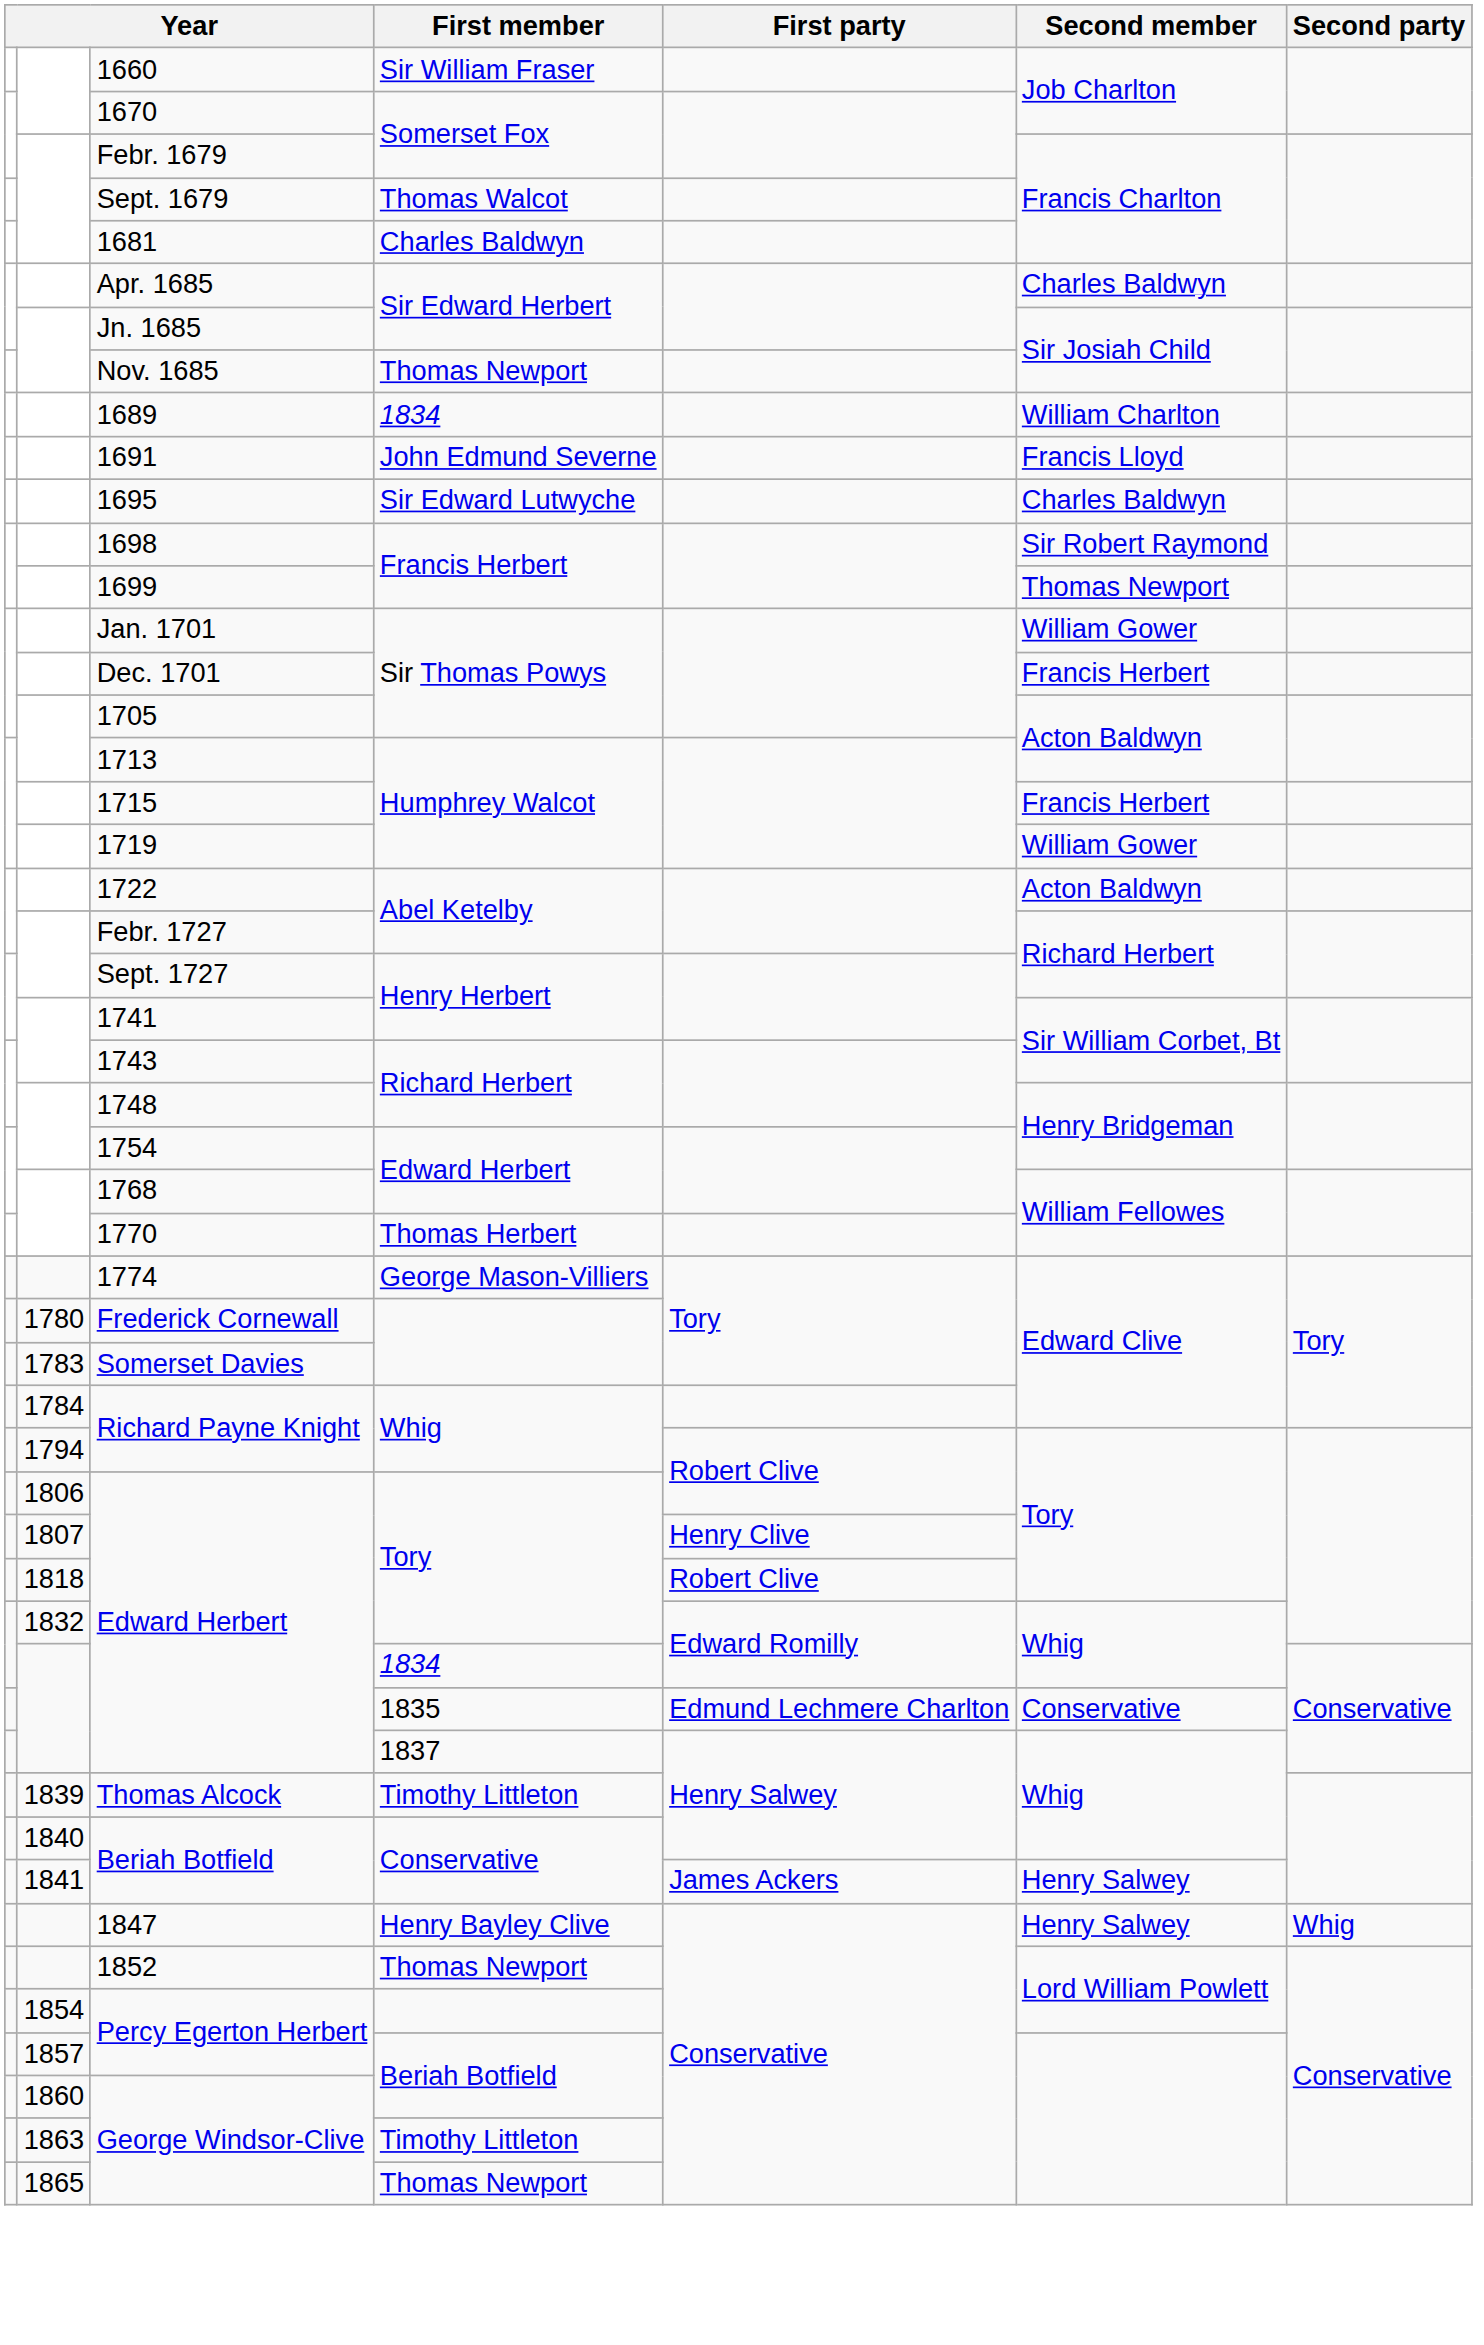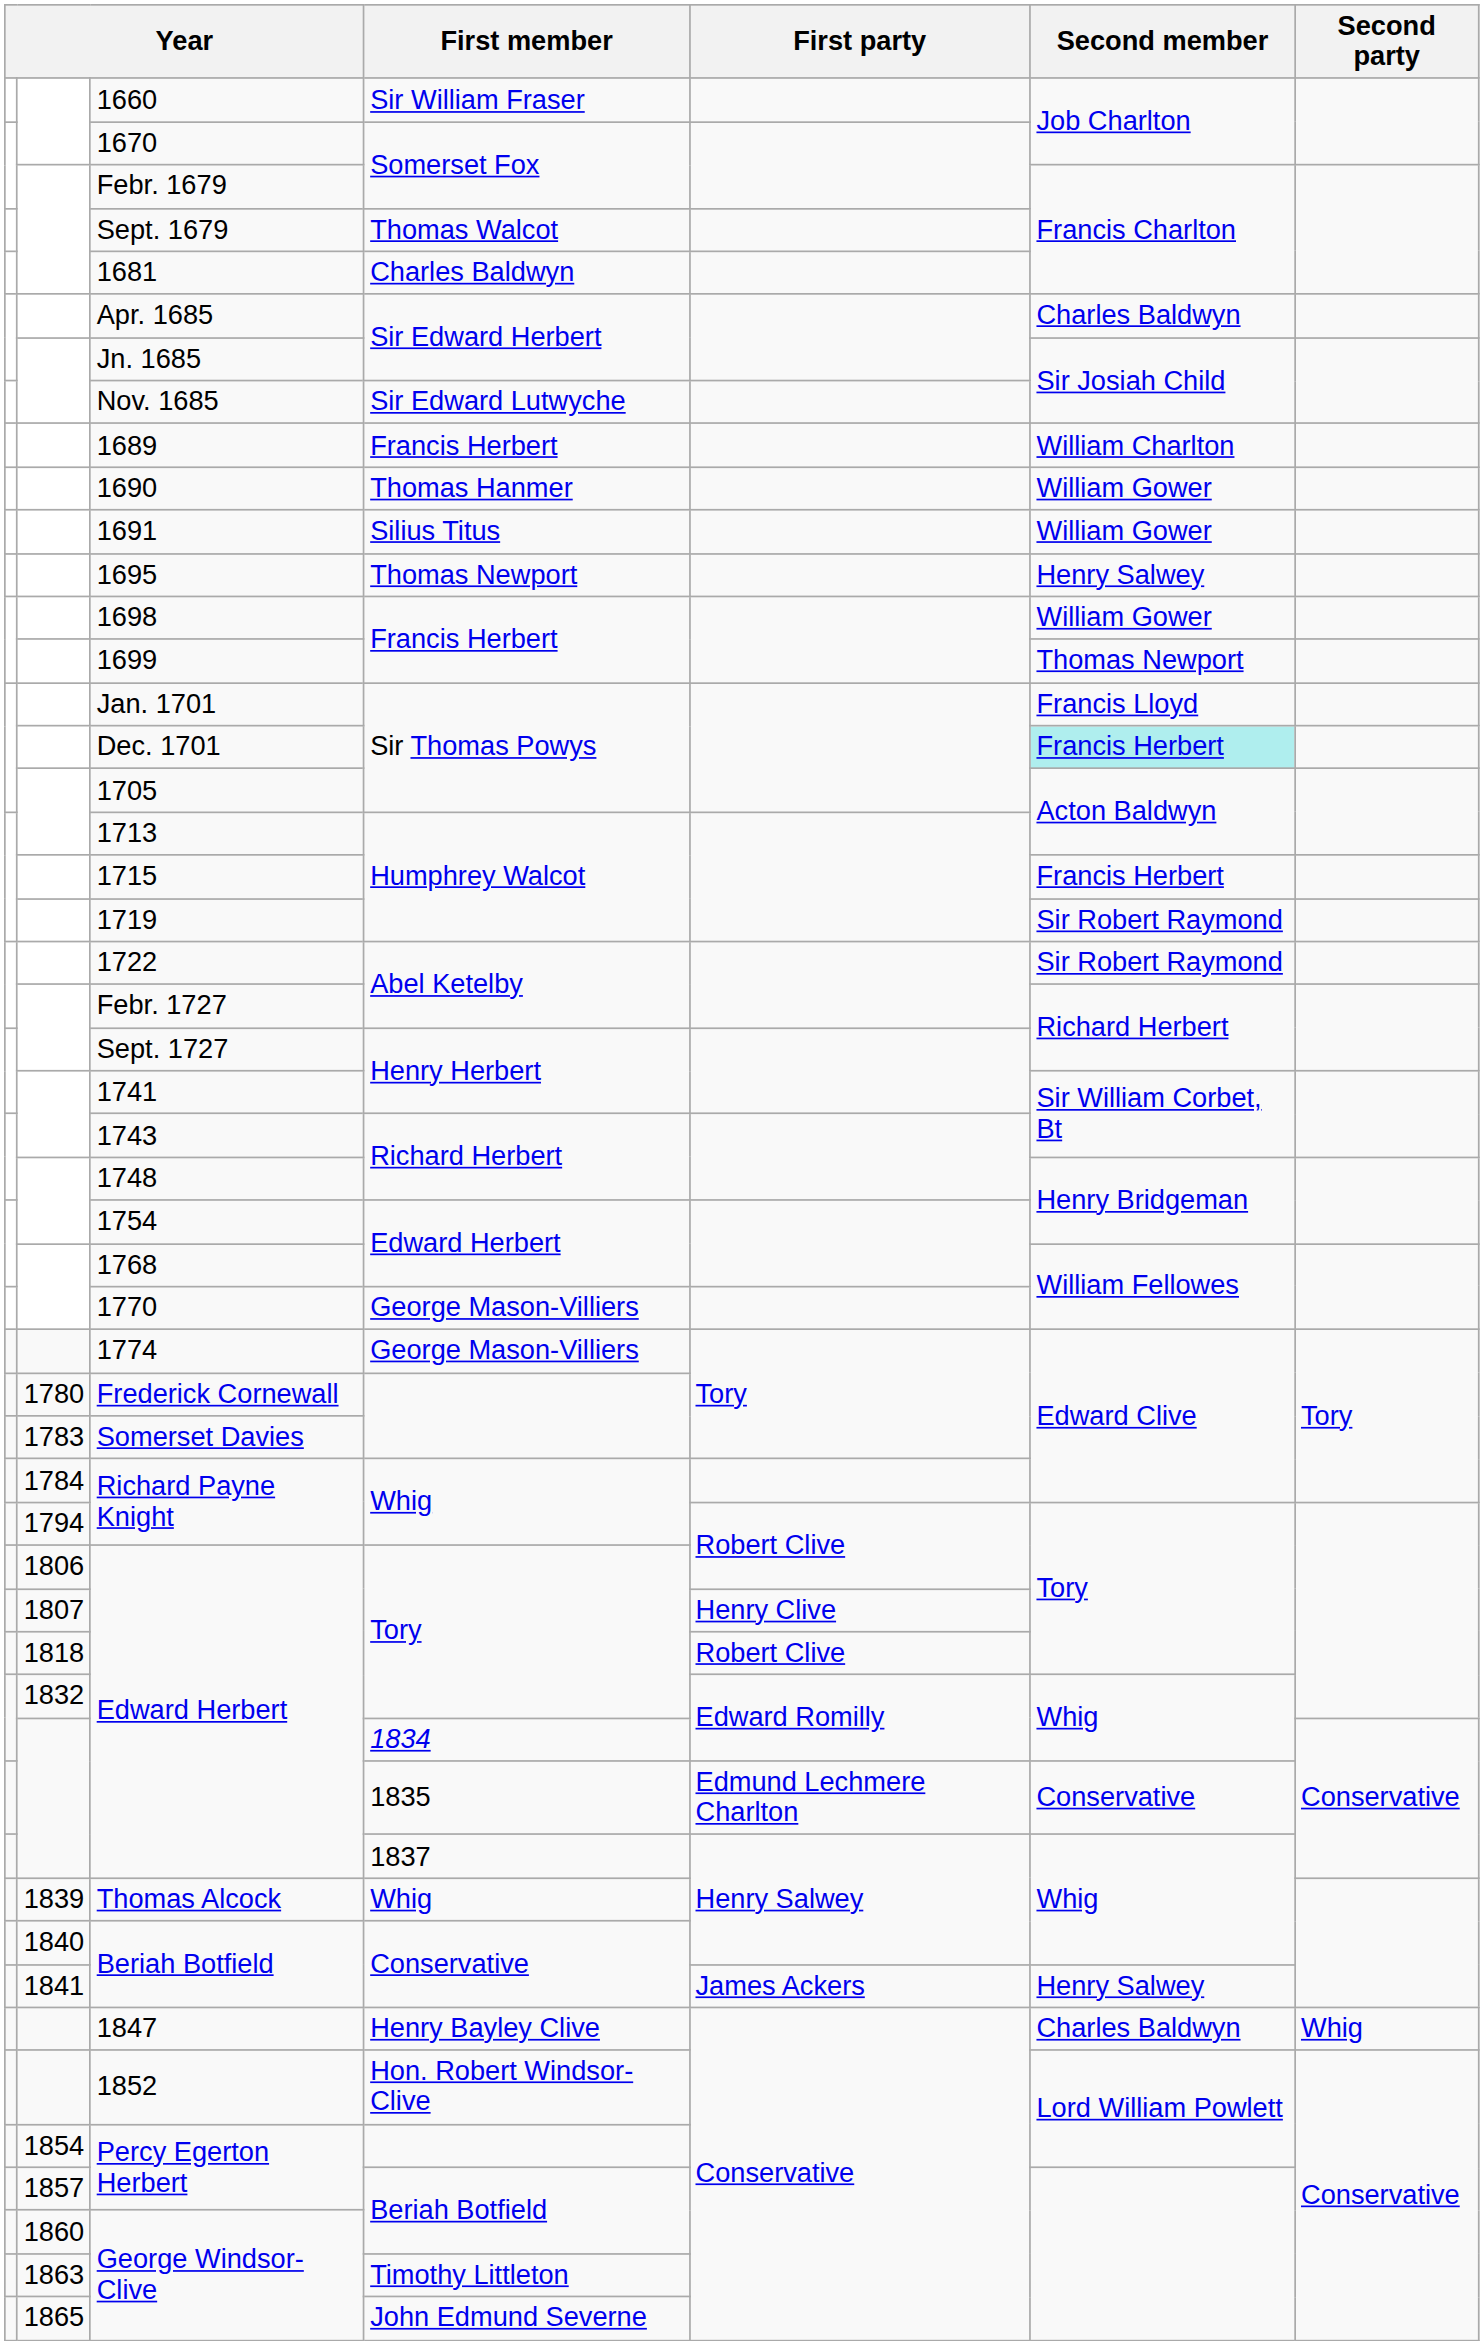 <table class="wikitable">
 <tr>
 <th colspan="3">Year</th>
 <th>First member</th>
 <th>First party</th>
 <th>Second member</th>
 <th>Second party</th>
 </tr>
 <tr>
 <td style="color:inherit;background-color: white"></td>
 <td style="color:inherit;background-color: white" rowspan="2"></td>
 <td>1660</td>
 <td><a href='#'>Sir William Fraser</a></td>
 <td></td>
 <td rowspan="2"><a href='#'>Job Charlton</a></td>
 <td rowspan="2"></td>
 </tr>
 <tr>
 <td style="color:inherit;background-color: white" rowspan="2"></td>
 <td>1670</td>
 <td rowspan="2"><a href='#'>Somerset Fox</a></td>
 <td rowspan="2"></td>
 </tr>
 <tr>
 <td style="color:inherit;background-color: white" rowspan="3"></td>
 <td>Febr. 1679</td>
 <td rowspan="3"><a href='#'>Francis Charlton</a></td>
 <td rowspan="3"></td>
 </tr>
 <tr>
 <td style="color:inherit;background-color: white"></td>
 <td>Sept. 1679</td>
 <td><a href='#'>Thomas Walcot</a></td>
 <td></td>
 </tr>
 <tr>
 <td style="color:inherit;background-color: white"></td>
 <td>1681</td>
 <td><a href='#'>Charles Baldwyn</a></td>
 <td></td>
 </tr>
 <tr>
 <td style="color:inherit;background-color: white" rowspan="2"></td>
 <td style="color:inherit;background-color: white"></td>
 <td>Apr. 1685</td>
 <td rowspan="2"><a href='#'>Sir Edward Herbert</a></td>
 <td rowspan="2"></td>
 <td><a href='#'>Charles Baldwyn</a></td>
 <td></td>
 </tr>
 <tr>
 <td style="color:inherit;background-color: white" rowspan="2"></td>
 <td>Jn. 1685</td>
 <td rowspan="2"><a href='#'>Sir Josiah Child</a></td>
 <td rowspan="2"></td>
 </tr>
 <tr>
 <td style="color:inherit;background-color: white"></td>
 <td>Nov. 1685</td>
-<td><a href='#'>Thomas Newport</a></td>
+<td><a href='#'>Sir Edward Lutwyche</a></td>
 <td></td>
 </tr>
 <tr>
 <td style="color:inherit;background-color: white"></td>
 <td style="color:inherit;background-color: white"></td>
 <td>1689</td>
-<td><em><a href='#'>1834</a></em></td>
+<td><a href='#'>Francis Herbert</a></td>
 <td></td>
 <td><a href='#'>William Charlton</a></td>
 <td></td>
 </tr>
 <tr>
 <td style="color:inherit;background-color: white"></td>
 <td style="color:inherit;background-color: white"></td>
+<td>1690</td>
+<td><a href='#'>Thomas Hanmer</a></td>
+<td></td>
+<td><a href='#'>William Gower</a></td>
+<td></td>
+</tr>
+<tr>
+<td style="color:inherit;background-color: white"></td>
+<td style="color:inherit;background-color: white"></td>
 <td>1691</td>
-<td><a href='#'>John Edmund Severne</a></td>
+<td><a href='#'>Silius Titus</a></td>
 <td></td>
-<td><a href='#'>Francis Lloyd</a></td>
+<td><a href='#'>William Gower</a></td>
 <td></td>
 </tr>
 <tr>
 <td style="color:inherit;background-color: white"></td>
 <td style="color:inherit;background-color: white"></td>
 <td>1695</td>
-<td><a href='#'>Sir Edward Lutwyche</a></td>
+<td><a href='#'>Thomas Newport</a></td>
 <td></td>
-<td><a href='#'>Charles Baldwyn</a></td>
+<td><a href='#'>Henry Salwey</a></td>
 <td></td>
 </tr>
 <tr>
 <td style="color:inherit;background-color: white" rowspan="2"></td>
 <td style="color:inherit;background-color: white"></td>
 <td>1698</td>
 <td rowspan="2"><a href='#'>Francis Herbert</a></td>
 <td rowspan="2"></td>
-<td><a href='#'>Sir Robert Raymond</a></td>
+<td><a href='#'>William Gower</a></td>
 <td></td>
 </tr>
 <tr>
 <td style="color:inherit;background-color: white"></td>
 <td>1699</td>
 <td><a href='#'>Thomas Newport</a></td>
 <td></td>
 </tr>
 <tr>
 <td style="color:inherit;background-color: white" rowspan="3"></td>
 <td style="color:inherit;background-color: white"></td>
 <td>Jan. 1701</td>
 <td rowspan="3">Sir <a href='#'>Thomas Powys</a></td>
 <td rowspan="3"></td>
-<td><a href='#'>William Gower</a></td>
+<td><a href='#'>Francis Lloyd</a></td>
 <td></td>
 </tr>
 <tr>
 <td style="color:inherit;background-color: white"></td>
 <td>Dec. 1701</td>
-<td><a href='#'>Francis Herbert</a></td>
+<td style="background: paleturquoise;"><a href='#'>Francis Herbert</a></td>
 <td></td>
 </tr>
 <tr>
 <td style="color:inherit;background-color: white" rowspan="2"></td>
 <td>1705</td>
 <td rowspan="2"><a href='#'>Acton Baldwyn</a></td>
 <td rowspan="2"></td>
 </tr>
 <tr>
 <td style="color:inherit;background-color: white" rowspan="3"></td>
 <td>1713</td>
 <td rowspan="3"><a href='#'>Humphrey Walcot</a></td>
 <td rowspan="3"></td>
 </tr>
 <tr>
 <td style="color:inherit;background-color: white"></td>
 <td>1715</td>
 <td><a href='#'>Francis Herbert</a></td>
 <td></td>
 </tr>
 <tr>
 <td style="color:inherit;background-color: white"></td>
 <td>1719</td>
-<td><a href='#'>William Gower</a></td>
+<td><a href='#'>Sir Robert Raymond</a></td>
 <td></td>
 </tr>
 <tr>
 <td style="color:inherit;background-color: white" rowspan="2"></td>
 <td style="color:inherit;background-color: white"></td>
 <td>1722</td>
 <td rowspan="2"><a href='#'>Abel Ketelby</a></td>
 <td rowspan="2"></td>
-<td><a href='#'>Acton Baldwyn</a></td>
+<td><a href='#'>Sir Robert Raymond</a></td>
 <td></td>
 </tr>
 <tr>
 <td style="color:inherit;background-color: white" rowspan="2"></td>
 <td>Febr. 1727</td>
 <td rowspan="2"><a href='#'>Richard Herbert</a></td>
 <td rowspan="2"></td>
 </tr>
 <tr>
 <td style="color:inherit;background-color: white" rowspan="2"></td>
 <td>Sept. 1727</td>
 <td rowspan="2"><a href='#'>Henry Herbert</a></td>
 <td rowspan="2"></td>
 </tr>
 <tr>
 <td style="color:inherit;background-color: white" rowspan="2"></td>
 <td>1741</td>
 <td rowspan="2"><a href='#'>Sir William Corbet, Bt</a></td>
 <td rowspan="2"></td>
 </tr>
 <tr>
 <td style="color:inherit;background-color: white" rowspan="2"></td>
 <td>1743</td>
 <td rowspan="2"><a href='#'>Richard Herbert</a></td>
 <td rowspan="2"></td>
 </tr>
 <tr>
 <td style="color:inherit;background-color: white" rowspan="2"></td>
 <td>1748</td>
 <td rowspan="2"><a href='#'>Henry Bridgeman</a></td>
 <td rowspan="2"></td>
 </tr>
 <tr>
 <td style="color:inherit;background-color: white" rowspan="2"></td>
 <td>1754</td>
 <td rowspan="2"><a href='#'>Edward Herbert</a></td>
 <td rowspan="2"></td>
 </tr>
 <tr>
 <td style="color:inherit;background-color: white" rowspan="2"></td>
 <td>1768</td>
 <td rowspan="2"><a href='#'>William Fellowes</a></td>
 <td rowspan="2"></td>
 </tr>
 <tr>
 <td style="color:inherit;background-color: white"></td>
 <td>1770</td>
-<td><a href='#'>Thomas Herbert</a></td>
+<td><a href='#'>George Mason-Villiers</a></td>
 <td></td>
 </tr>
 <tr>
 <td style="color:inherit;background-color: "></td>
 <td style="color:inherit;background-color: "></td>
 <td>1774</td>
 <td><a href='#'>George Mason-Villiers</a></td>
 <td rowspan="3"><a href='#'>Tory</a></td>
 <td rowspan="4"><a href='#'>Edward Clive</a></td>
 <td rowspan="4"><a href='#'>Tory</a></td>
 </tr>
 <tr>
 <td style="color:inherit;background-color: "></td>
 <td>1780</td>
 <td><a href='#'>Frederick Cornewall</a></td>
 </tr>
 <tr>
 <td style="color:inherit;background-color: "></td>
 <td>1783</td>
 <td><a href='#'>Somerset Davies</a></td>
 </tr>
 <tr>
 <td style="color:inherit;background-color: "></td>
 <td>1784</td>
 <td rowspan="2"><a href='#'>Richard Payne Knight</a></td>
 <td rowspan="2"><a href='#'>Whig</a></td>
 </tr>
 <tr>
 <td style="color:inherit;background-color: "></td>
 <td>1794</td>
 <td rowspan="2"><a href='#'>Robert Clive</a></td>
 <td rowspan="4"><a href='#'>Tory</a></td>
 </tr>
 <tr>
 <td style="color:inherit;background-color: "></td>
 <td>1806</td>
 <td rowspan="7"><a href='#'>Edward Herbert</a></td>
 <td rowspan="4"><a href='#'>Tory</a></td>
 </tr>
 <tr>
 <td style="color:inherit;background-color: "></td>
 <td>1807</td>
 <td><a href='#'>Henry Clive</a></td>
 </tr>
 <tr>
 <td style="color:inherit;background-color: "></td>
 <td>1818</td>
 <td><a href='#'>Robert Clive</a></td>
 </tr>
 <tr>
 <td rowspan="2" style="color:inherit;background-color: "></td>
 <td>1832</td>
 <td rowspan="2"><a href='#'>Edward Romilly</a></td>
 <td rowspan="2"><a href='#'>Whig</a></td>
 </tr>
 <tr>
 <td rowspan="3" style="color:inherit;background-color: "></td>
 <td><em><a href='#'>1834</a></em></td>
 <td rowspan="3"><a href='#'>Conservative</a></td>
 </tr>
 <tr>
 <td style="color:inherit;background-color: "></td>
 <td>1835</td>
 <td><a href='#'>Edmund Lechmere Charlton</a></td>
 <td><a href='#'>Conservative</a></td>
 </tr>
 <tr>
 <td style="color:inherit;background-color: "></td>
 <td>1837</td>
 <td rowspan="3"><a href='#'>Henry Salwey</a></td>
 <td rowspan="3"><a href='#'>Whig</a></td>
 </tr>
 <tr>
 <td style="color:inherit;background-color: "></td>
 <td>1839</td>
 <td><a href='#'>Thomas Alcock</a></td>
-<td><a href='#'>Timothy Littleton</a></td>
+<td><a href='#'>Whig</a></td>
 </tr>
 <tr>
 <td style="color:inherit;background-color: "></td>
 <td>1840</td>
 <td rowspan="2"><a href='#'>Beriah Botfield</a></td>
 <td rowspan="2"><a href='#'>Conservative</a></td>
 </tr>
 <tr>
 <td style="color:inherit;background-color: "></td>
 <td>1841</td>
 <td><a href='#'>James Ackers</a></td>
 <td><a href='#'>Henry Salwey</a></td>
 </tr>
 <tr>
 <td style="color:inherit;background-color: "></td>
 <td style="color:inherit;background-color: "></td>
 <td>1847</td>
 <td><a href='#'>Henry Bayley Clive</a></td>
 <td rowspan="7"><a href='#'>Conservative</a></td>
-<td><a href='#'>Henry Salwey</a></td>
+<td><a href='#'>Charles Baldwyn</a></td>
 <td><a href='#'>Whig</a></td>
 </tr>
 <tr>
 <td style="color:inherit;background-color: "></td>
 <td style="color:inherit;background-color: "></td>
 <td>1852</td>
-<td><a href='#'>Thomas Newport</a></td>
+<td><a href='#'>Hon. Robert Windsor-Clive</a></td>
 <td rowspan="2"><a href='#'>Lord William Powlett</a></td>
 <td rowspan="6"><a href='#'>Conservative</a></td>
 </tr>
 <tr>
 <td style="color:inherit;background-color: "></td>
 <td>1854</td>
 <td rowspan="2"><a href='#'>Percy Egerton Herbert</a></td>
 </tr>
 <tr>
 <td style="color:inherit;background-color: "></td>
 <td>1857</td>
 <td rowspan="2"><a href='#'>Beriah Botfield</a></td>
 </tr>
 <tr>
 <td style="color:inherit;background-color: "></td>
 <td>1860</td>
 <td rowspan="3"><a href='#'>George Windsor-Clive</a></td>
 </tr>
 <tr>
 <td style="color:inherit;background-color: "></td>
 <td>1863</td>
 <td><a href='#'>Timothy Littleton</a></td>
 </tr>
 <tr>
 <td style="color:inherit;background-color: "></td>
 <td>1865</td>
-<td><a href='#'>Thomas Newport</a></td>
+<td><a href='#'>John Edmund Severne</a></td>
 </tr>
 </table>
